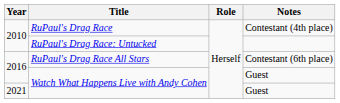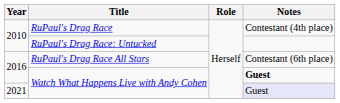 <table class="wikitable">
 <tr>
 <th>Year</th>
 <th>Title</th>
 <th>Role</th>
 <th>Notes</th>
 </tr>
 <tr>
 <td rowspan="2">2010</td>
 <td><a href='#'><em>RuPaul's Drag Race</em></a></td>
 <td rowspan="5">Herself</td>
 <td>Contestant (4th place)</td>
 </tr>
 <tr>
 <td><em><a href='#'>RuPaul's Drag Race: Untucked</a></em></td>
 <td></td>
 </tr>
 <tr>
 <td rowspan="2">2016</td>
 <td><a href='#'><em>RuPaul's Drag Race All Stars</em></a></td>
 <td>Contestant (6th place)</td>
 </tr>
 <tr>
 <td rowspan="2"><em><a href='#'>Watch What Happens Live with Andy Cohen</a></em></td>
-<td>Guest</td>
+<td><strong>Guest</strong></td>
 </tr>
 <tr>
 <td>2021</td>
-<td>Guest</td>
+<td style="background: lavender;">Guest</td>
 </tr>
 </table>
